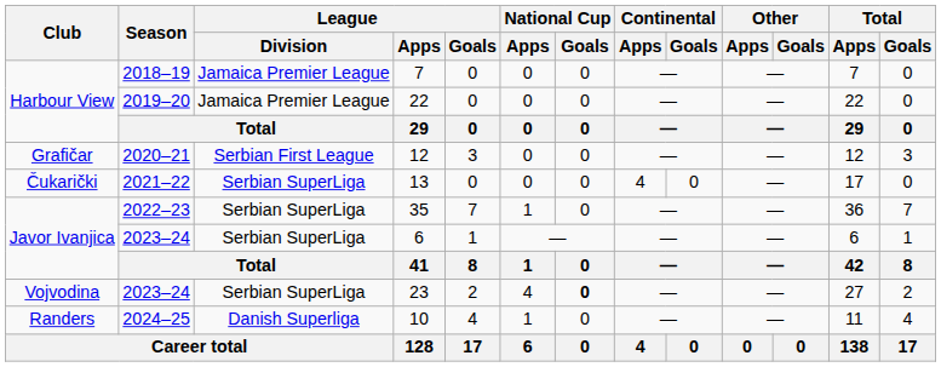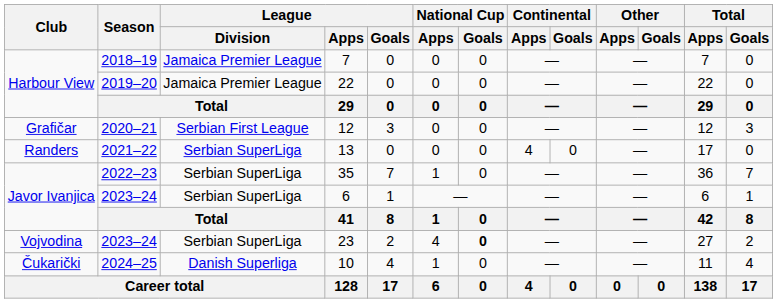 <table class="wikitable" style="text-align: center">
 <tr>
 <th rowspan="2">Club</th>
 <th rowspan="2">Season</th>
 <th colspan="3">League</th>
 <th colspan="2">National Cup</th>
 <th colspan="2">Continental</th>
 <th colspan="2">Other</th>
 <th colspan="2">Total</th>
 </tr>
 <tr>
 <th>Division</th>
 <th>Apps</th>
 <th>Goals</th>
 <th>Apps</th>
 <th>Goals</th>
 <th>Apps</th>
 <th>Goals</th>
 <th>Apps</th>
 <th>Goals</th>
 <th>Apps</th>
 <th>Goals</th>
 </tr>
 <tr>
 <td rowspan="3"><a href='#'>Harbour View</a></td>
 <td><a href='#'>2018–19</a></td>
 <td><a href='#'>Jamaica Premier League</a></td>
 <td>7</td>
 <td>0</td>
 <td>0</td>
 <td>0</td>
 <td colspan="2">—</td>
 <td colspan="2">—</td>
 <td>7</td>
 <td>0</td>
 </tr>
 <tr>
 <td><a href='#'>2019–20</a></td>
 <td>Jamaica Premier League</td>
 <td>22</td>
 <td>0</td>
 <td>0</td>
 <td>0</td>
 <td colspan="2">—</td>
 <td colspan="2">—</td>
 <td>22</td>
 <td>0</td>
 </tr>
 <tr>
 <th colspan="2">Total</th>
 <th>29</th>
 <th>0</th>
 <th>0</th>
 <th>0</th>
 <th colspan="2">—</th>
 <th colspan="2">—</th>
 <th>29</th>
 <th>0</th>
 </tr>
 <tr>
 <td><a href='#'>Grafičar</a></td>
 <td><a href='#'>2020–21</a></td>
 <td><a href='#'>Serbian First League</a></td>
 <td>12</td>
 <td>3</td>
 <td>0</td>
 <td>0</td>
 <td colspan="2">—</td>
 <td colspan="2">—</td>
 <td>12</td>
 <td>3</td>
 </tr>
 <tr>
-<td><a href='#'>Čukarički</a></td>
+<td><a href='#'>Randers</a></td>
 <td><a href='#'>2021–22</a></td>
 <td><a href='#'>Serbian SuperLiga</a></td>
 <td>13</td>
 <td>0</td>
 <td>0</td>
 <td>0</td>
 <td>4</td>
 <td>0</td>
 <td colspan="2">—</td>
 <td>17</td>
 <td>0</td>
 </tr>
 <tr>
 <td rowspan="3"><a href='#'>Javor Ivanjica</a></td>
 <td><a href='#'>2022–23</a></td>
 <td>Serbian SuperLiga</td>
 <td>35</td>
 <td>7</td>
 <td>1</td>
 <td>0</td>
 <td colspan="2">—</td>
 <td colspan="2">—</td>
 <td>36</td>
 <td>7</td>
 </tr>
 <tr>
 <td><a href='#'>2023–24</a></td>
 <td>Serbian SuperLiga</td>
 <td>6</td>
 <td>1</td>
 <td colspan="2">—</td>
 <td colspan="2">—</td>
 <td colspan="2">—</td>
 <td>6</td>
 <td>1</td>
 </tr>
 <tr>
 <th colspan="2">Total</th>
 <th>41</th>
 <th>8</th>
 <th>1</th>
 <th>0</th>
 <th colspan="2">—</th>
 <th colspan="2">—</th>
 <th>42</th>
 <th>8</th>
 </tr>
 <tr>
 <td><a href='#'>Vojvodina</a></td>
 <td><a href='#'>2023–24</a></td>
 <td>Serbian SuperLiga</td>
 <td>23</td>
 <td>2</td>
 <td>4</td>
 <td><strong>0</strong></td>
 <td colspan="2">—</td>
 <td colspan="2">—</td>
 <td>27</td>
 <td>2</td>
 </tr>
 <tr>
-<td><a href='#'>Randers</a></td>
+<td><a href='#'>Čukarički</a></td>
 <td><a href='#'>2024–25</a></td>
 <td><a href='#'>Danish Superliga</a></td>
 <td>10</td>
 <td>4</td>
 <td>1</td>
 <td>0</td>
 <td colspan="2">—</td>
 <td colspan="2">—</td>
 <td>11</td>
 <td>4</td>
 </tr>
 <tr>
 <th colspan="3">Career total</th>
 <th>128</th>
 <th>17</th>
 <th>6</th>
 <th>0</th>
 <th>4</th>
 <th>0</th>
 <th>0</th>
 <th>0</th>
 <th>138</th>
 <th>17</th>
 </tr>
 </table>
